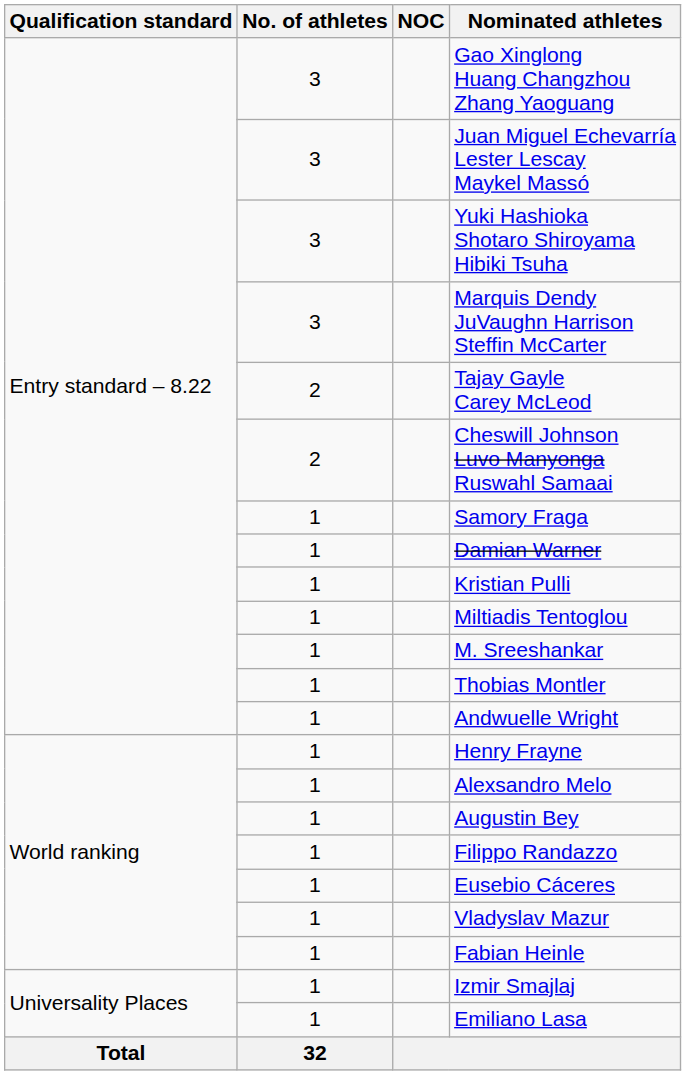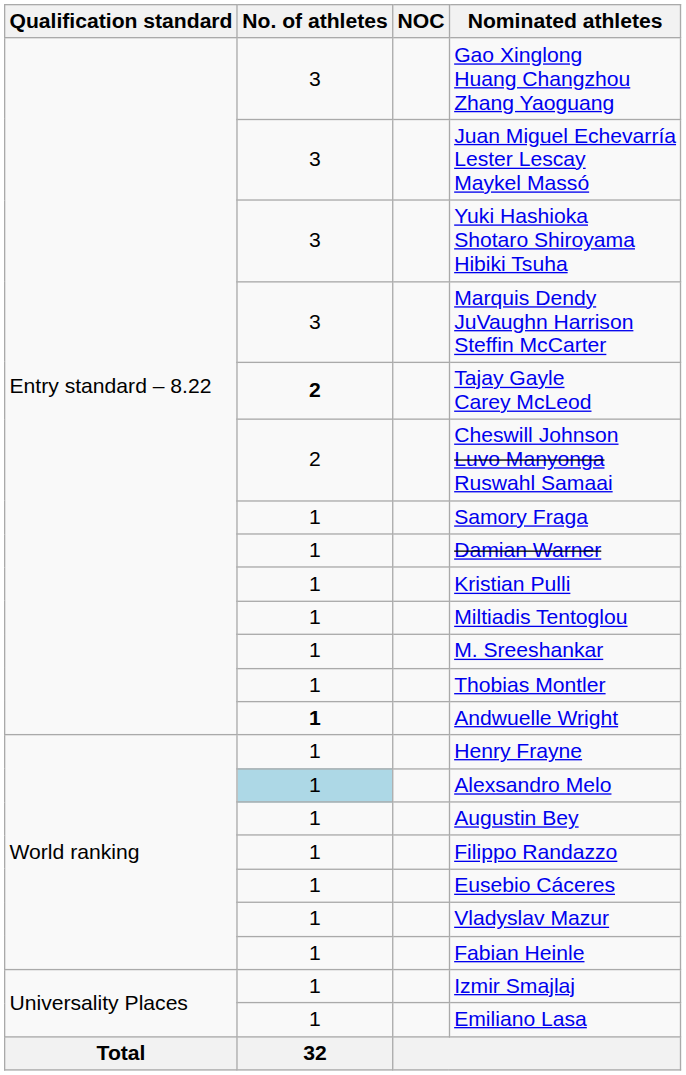 <table class="wikitable" style="text-align:left;">
 <tr>
 <th>Qualification standard</th>
 <th>No. of athletes</th>
 <th>NOC</th>
 <th>Nominated athletes</th>
 </tr>
 <tr>
 <td rowspan=13>Entry standard – 8.22</td>
 <td align=center>3</td>
 <td></td>
 <td><a href='#'>Gao Xinglong</a><br><a href='#'>Huang Changzhou</a><br><a href='#'>Zhang Yaoguang</a></td>
 </tr>
 <tr>
 <td align=center>3</td>
 <td></td>
 <td><a href='#'>Juan Miguel Echevarría</a><br><a href='#'>Lester Lescay</a><br><a href='#'>Maykel Massó</a></td>
 </tr>
 <tr>
 <td align=center>3</td>
 <td></td>
 <td><a href='#'>Yuki Hashioka</a><br><a href='#'>Shotaro Shiroyama</a><br><a href='#'>Hibiki Tsuha</a></td>
 </tr>
 <tr>
 <td align="center">3</td>
 <td></td>
 <td><a href='#'>Marquis Dendy</a><br><a href='#'>JuVaughn Harrison</a><br><a href='#'>Steffin McCarter</a></td>
 </tr>
 <tr>
-<td align=center>2</td>
+<td align=center><strong>2</strong></td>
 <td></td>
 <td><a href='#'>Tajay Gayle</a><br><a href='#'>Carey McLeod</a></td>
 </tr>
 <tr>
 <td align="center">2</td>
 <td></td>
 <td><a href='#'>Cheswill Johnson</a><br><s><a href='#'>Luvo Manyonga</a></s><br><a href='#'>Ruswahl Samaai</a></td>
 </tr>
 <tr>
 <td align=center>1</td>
 <td></td>
 <td><a href='#'>Samory Fraga</a></td>
 </tr>
 <tr>
 <td align=center>1</td>
 <td></td>
 <td><s><a href='#'>Damian Warner</a></s></td>
 </tr>
 <tr>
 <td align=center>1</td>
 <td></td>
 <td><a href='#'>Kristian Pulli</a></td>
 </tr>
 <tr>
 <td align=center>1</td>
 <td></td>
 <td><a href='#'>Miltiadis Tentoglou</a></td>
 </tr>
 <tr>
 <td align=center>1</td>
 <td></td>
 <td><a href='#'>M. Sreeshankar</a></td>
 </tr>
 <tr>
 <td align=center>1</td>
 <td></td>
 <td><a href='#'>Thobias Montler</a></td>
 </tr>
 <tr>
-<td align=center>1</td>
+<td align=center><strong>1</strong></td>
 <td></td>
 <td><a href='#'>Andwuelle Wright</a></td>
 </tr>
 <tr>
 <td rowspan=7>World ranking</td>
 <td align=center>1</td>
 <td></td>
 <td><a href='#'>Henry Frayne</a></td>
 </tr>
 <tr>
-<td align=center>1</td>
+<td align=center style="background: lightblue;">1</td>
 <td></td>
 <td><a href='#'>Alexsandro Melo</a></td>
 </tr>
 <tr>
 <td align=center>1</td>
 <td></td>
 <td><a href='#'>Augustin Bey</a></td>
 </tr>
 <tr>
 <td align=center>1</td>
 <td></td>
 <td><a href='#'>Filippo Randazzo</a></td>
 </tr>
 <tr>
 <td align=center>1</td>
 <td></td>
 <td><a href='#'>Eusebio Cáceres</a></td>
 </tr>
 <tr>
 <td align=center>1</td>
 <td></td>
 <td><a href='#'>Vladyslav Mazur</a></td>
 </tr>
 <tr>
 <td align=center>1</td>
 <td></td>
 <td><a href='#'>Fabian Heinle</a></td>
 </tr>
 <tr>
 <td rowspan=2>Universality Places</td>
 <td align=center>1</td>
 <td></td>
 <td><a href='#'>Izmir Smajlaj</a></td>
 </tr>
 <tr>
 <td align=center>1</td>
 <td></td>
 <td><a href='#'>Emiliano Lasa</a></td>
 </tr>
 <tr>
 <th>Total</th>
 <th>32</th>
 <th colspan=2></th>
 </tr>
 </table>
